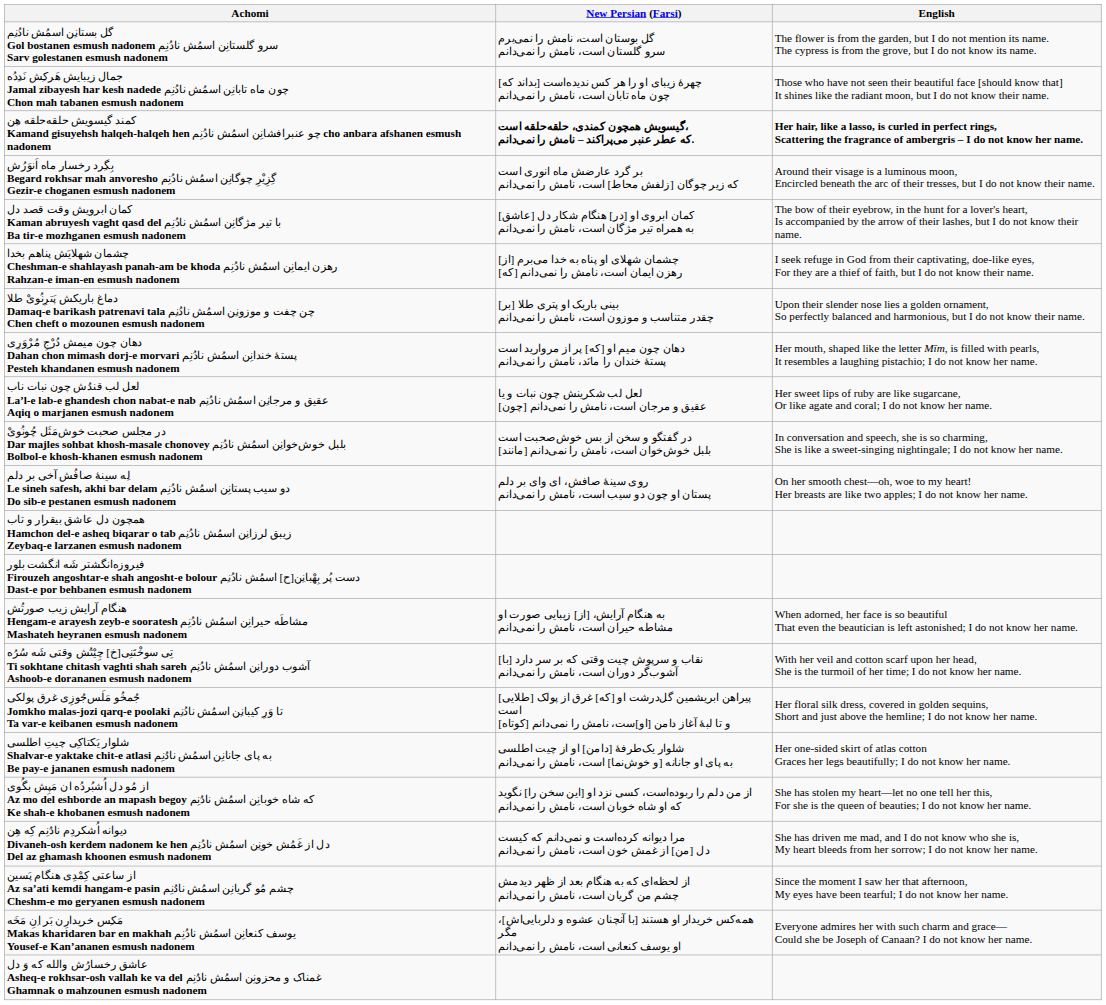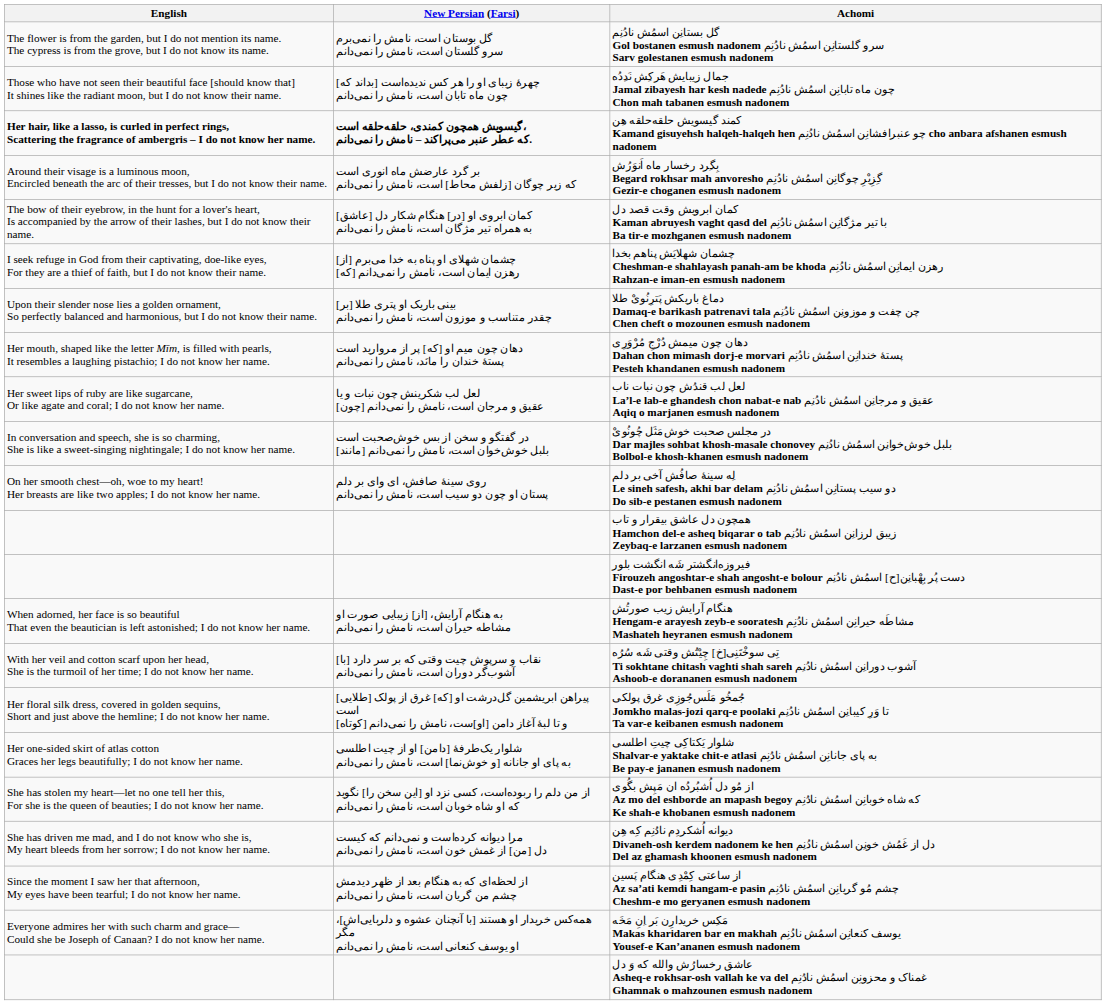 <table class="wikitable">
 <tr>
+<th>English</th>
+<th><a href='#'>New Persian</a> (<a href='#'>Farsi</a>)</th>
 <th>Achomi</th>
-<th><a href='#'>New Persian</a> (<a href='#'>Farsi</a>)</th>
-<th>English</th>
 </tr>
 <tr>
+<td>The flower is from the garden, but I do not mention its name.  <br>The cypress is from the grove, but I do not know its name.</td>
+<td>گل بوستان است، نامش را نمی‌برم<br>سرو گلستان است، نامش را نمی‌دانم</td>
 <td>گل بستانِن اسمُش نادُنِم<br><strong>Gol bostanen esmush nadonem</strong> سرو گلستانِن اسمُش نادُنِم<br><strong>Sarv golestanen esmush nadonem</strong></td>
-<td>گل بوستان است، نامش را نمی‌برم<br>سرو گلستان است، نامش را نمی‌دانم</td>
-<td>The flower is from the garden, but I do not mention its name.  <br>The cypress is from the grove, but I do not know its name.</td>
 </tr>
 <tr>
+<td>Those who have not seen their beautiful face [should know that]  <br>It shines like the radiant moon, but I do not know their name.</td>
+<td>چهرهٔ زیبای او را هر کس ندیده‌است [بداند که]<br>چون ماه تابان است، نامش را نمی‌دانم</td>
 <td>جمال زیبایش هَرکِش نَدِدُه<br><strong>Jamal zibayesh har kesh nadede</strong> چون ماه تابانِن اسمُش نادُنِم<br><strong>Chon mah tabanen esmush nadonem</strong></td>
-<td>چهرهٔ زیبای او را هر کس ندیده‌است [بداند که]<br>چون ماه تابان است، نامش را نمی‌دانم</td>
-<td>Those who have not seen their beautiful face [should know that]  <br>It shines like the radiant moon, but I do not know their name.</td>
 </tr>
 <tr>
+<td><strong>Her hair, like a lasso, is curled in perfect rings,</strong><br><strong>Scattering the fragrance of ambergris – I do not know her name.</strong></td>
+<td><strong>گیسویش همچون کمندی، حلقه‌حلقه است،</strong><br><strong>که عطر عنبر می‌پراکند – نامش را نمی‌دانم.</strong></td>
 <td>کمند گیسویش حلقه‌حلقه هِن<br><strong>Kamand gisuyehsh halqeh-halqeh hen</strong> چو عنبرافشانِن اسمُش نادُنِم <strong>cho anbara afshanen esmush nadonem</strong></td>
-<td><strong>گیسویش همچون کمندی، حلقه‌حلقه است،</strong><br><strong>که عطر عنبر می‌پراکند – نامش را نمی‌دانم.</strong></td>
-<td><strong>Her hair, like a lasso, is curled in perfect rings,</strong><br><strong>Scattering the fragrance of ambergris – I do not know her name.</strong></td>
 </tr>
 <tr>
+<td>Around their visage is a luminous moon,  <br>Encircled beneath the arc of their tresses, but I do not know their name.</td>
+<td>بر گرد عارضش ماه انوری است<br>که زیر چوگان [زلفش محاط] است، نامش را نمی‌دانم</td>
 <td>بِگِرد رخسار ماه اَنوَرُش<br><strong>Begard rokhsar mah anvoresho</strong> گِزِیْرِ چوگانِن اسمُش نادُنِم<br><strong>Gezir-e choganen esmush nadonem</strong></td>
-<td>بر گرد عارضش ماه انوری است<br>که زیر چوگان [زلفش محاط] است، نامش را نمی‌دانم</td>
-<td>Around their visage is a luminous moon,  <br>Encircled beneath the arc of their tresses, but I do not know their name.</td>
 </tr>
 <tr>
+<td>The bow of their eyebrow, in the hunt for a lover's heart,  <br>Is accompanied by the arrow of their lashes, but I do not know their name.</td>
+<td>کمان ابروی او [در] هنگام شکار دل [عاشق]<br>به همراه تیر مژگان است، نامش را نمی‌دانم</td>
 <td>کمان ابرویش وقت قصد دل<br><strong>Kaman abruyesh vaght qasd del</strong> با تیر مژگانِن اسمُش نادُنِم<br><strong>Ba tir-e mozhganen esmush nadonem</strong></td>
-<td>کمان ابروی او [در] هنگام شکار دل [عاشق]<br>به همراه تیر مژگان است، نامش را نمی‌دانم</td>
-<td>The bow of their eyebrow, in the hunt for a lover's heart,  <br>Is accompanied by the arrow of their lashes, but I do not know their name.</td>
 </tr>
 <tr>
+<td>I seek refuge in God from their captivating, doe-like eyes,  <br>For they are a thief of faith, but I do not know their name.  </td>
+<td>[از] چشمان شهلای او پناه به خدا می‌برم<br>[که] رهزن ایمان است، نامش را نمی‌دانم</td>
 <td>چشمان شهلایَش پناهم بخدا<br><strong>Cheshman-e shahlayash panah-am be khoda</strong> رهزن ایمانِن اسمُش نادُنِم<br><strong>Rahzan-e iman-en esmush nadonem</strong></td>
-<td>[از] چشمان شهلای او پناه به خدا می‌برم<br>[که] رهزن ایمان است، نامش را نمی‌دانم</td>
-<td>I seek refuge in God from their captivating, doe-like eyes,  <br>For they are a thief of faith, but I do not know their name.  </td>
 </tr>
 <tr>
+<td>Upon their slender nose lies a golden ornament,  <br>So perfectly balanced and harmonious, but I do not know their name.</td>
+<td>[بر] بینی باریک او پتری طلا<br>چقدر متناسب و موزون است، نامش را نمی‌دانم</td>
 <td>دماغ باریکش پَترِنُویْ طلا<br><strong>Damaq-e barikash patrenavi tala</strong> چن چفت و موزونِن اسمُش نادُنِم<br><strong>Chen cheft o mozounen esmush nadonem</strong></td>
-<td>[بر] بینی باریک او پتری طلا<br>چقدر متناسب و موزون است، نامش را نمی‌دانم</td>
-<td>Upon their slender nose lies a golden ornament,  <br>So perfectly balanced and harmonious, but I do not know their name.</td>
 </tr>
 <tr>
+<td>Her mouth, shaped like the letter <em>Mīm</em>, is filled with pearls,<br>It resembles a laughing pistachio; I do not know her name.</td>
+<td>دهان چون میم او [که] پر از مروارید است<br>پستهٔ خندان را مانَد، نامش را نمی‌دانم</td>
 <td>دهان چون میمش دُرْجِ مُرْوَرِی<br><strong>Dahan chon mimash dorj-e morvari</strong> پستهٔ خندانِن اسمُش نادُنِم<br><strong>Pesteh khandanen esmush nadonem</strong></td>
-<td>دهان چون میم او [که] پر از مروارید است<br>پستهٔ خندان را مانَد، نامش را نمی‌دانم</td>
-<td>Her mouth, shaped like the letter <em>Mīm</em>, is filled with pearls,<br>It resembles a laughing pistachio; I do not know her name.</td>
 </tr>
 <tr>
+<td>Her sweet lips of ruby are like sugarcane,<br>Or like agate and coral; I do not know her name.</td>
+<td>لعل لب شکرینش چون نبات و یا<br>[چون] عقیق و مرجان است، نامش را نمی‌دانم</td>
 <td>لعل لب قندُش چون نبات ناب<br><strong>La’l-e lab-e ghandesh chon nabat-e nab</strong> عقیق و مرجانِن اسمُش نادُنِم<br><strong>Aqiq o marjanen esmush nadonem</strong></td>
-<td>لعل لب شکرینش چون نبات و یا<br>[چون] عقیق و مرجان است، نامش را نمی‌دانم</td>
-<td>Her sweet lips of ruby are like sugarcane,<br>Or like agate and coral; I do not know her name.</td>
 </tr>
 <tr>
+<td>In conversation and speech, she is so charming,<br>She is like a sweet-singing nightingale; I do not know her name.</td>
+<td>در گفتگو و سخن از بس خوش‌صحبت است<br>[مانند] بلبل خوش‌خوان است، نامش را نمی‌دانم</td>
 <td>در مجلس صحبت خوش‌مَثَل چُونُویْ<br><strong>Dar majles sohbat khosh-masale chonovey</strong> بلبل خوش‌خوانِن اسمُش نادُنِم<br><strong>Bolbol-e khosh-khanen esmush nadonem</strong></td>
-<td>در گفتگو و سخن از بس خوش‌صحبت است<br>[مانند] بلبل خوش‌خوان است، نامش را نمی‌دانم</td>
-<td>In conversation and speech, she is so charming,<br>She is like a sweet-singing nightingale; I do not know her name.</td>
 </tr>
 <tr>
+<td>On her smooth chest—oh, woe to my heart!<br>Her breasts are like two apples; I do not know her name.</td>
+<td>روی سینهٔ صافش، ای وای بر دلم<br>پستان او چون دو سیب است، نامش را نمی‌دانم</td>
 <td>لِه سینهٔ صافُش آخی بر دلم<br><strong>Le sineh safesh, akhi bar delam</strong> دو سیب پستانِن اسمُش نادُنِم<br><strong>Do sib-e pestanen esmush nadonem</strong></td>
-<td>روی سینهٔ صافش، ای وای بر دلم<br>پستان او چون دو سیب است، نامش را نمی‌دانم</td>
-<td>On her smooth chest—oh, woe to my heart!<br>Her breasts are like two apples; I do not know her name.</td>
 </tr>
 <tr>
-<td>همچون دل عاشق بیقرار و تاب<br><strong>Hamchon del-e asheq biqarar o tab</strong> زیبق لرزانِن اسمُش نادُنِم<br><strong>Zeybaq-e larzanen esmush nadonem</strong></td>
 <td></td>
 <td></td>
+<td>همچون دل عاشق بیقرار و تاب<br><strong>Hamchon del-e asheq biqarar o tab</strong> زیبق لرزانِن اسمُش نادُنِم<br><strong>Zeybaq-e larzanen esmush nadonem</strong></td>
 </tr>
 <tr>
-<td>فیروزه‌انگشتر شَه انگشت بلور<br><strong>Firouzeh angoshtar-e shah angosht-e bolour</strong> دست پُر بِهْبانِن[ح] اسمُش نادُنِم<br><strong>Dast-e por behbanen esmush nadonem</strong></td>
 <td></td>
 <td></td>
+<td>فیروزه‌انگشتر شَه انگشت بلور<br><strong>Firouzeh angoshtar-e shah angosht-e bolour</strong> دست پُر بِهْبانِن[ح] اسمُش نادُنِم<br><strong>Dast-e por behbanen esmush nadonem</strong></td>
 </tr>
 <tr>
+<td>When adorned, her face is so beautiful<br>That even the beautician is left astonished; I do not know her name.</td>
+<td>به هنگام آرایش، [از] زیبایی صورت او<br>مشاطه حیران است، نامش را نمی‌دانم</td>
 <td>هنگام آرایش زیب صورتُش<br><strong>Hengam-e arayesh zeyb-e sooratesh</strong> مشاطَه حیرانِن اسمُش نادُنِم<br><strong>Mashateh heyranen esmush nadonem</strong></td>
-<td>به هنگام آرایش، [از] زیبایی صورت او<br>مشاطه حیران است، نامش را نمی‌دانم</td>
-<td>When adorned, her face is so beautiful<br>That even the beautician is left astonished; I do not know her name.</td>
 </tr>
 <tr>
+<td>With her veil and cotton scarf upon her head,<br>She is the turmoil of her time; I do not know her name.</td>
+<td>[با] نقاب و سرپوش چیت وقتی که بر سر دارد<br>آشوب‌گر دوران است، نامش را نمی‌دانم</td>
 <td>تِی سوخْتَنِی[خ] چِیْتُش وقتی شَه سُرُه<br><strong>Ti sokhtane chitash vaghti shah sareh</strong> آشوب دورانِن اسمُش نادُنِم<br><strong>Ashoob-e dorananen esmush nadonem</strong></td>
-<td>[با] نقاب و سرپوش چیت وقتی که بر سر دارد<br>آشوب‌گر دوران است، نامش را نمی‌دانم</td>
-<td>With her veil and cotton scarf upon her head,<br>She is the turmoil of her time; I do not know her name.</td>
 </tr>
 <tr>
+<td>Her floral silk dress, covered in golden sequins,<br>Short and just above the hemline; I do not know her name.</td>
+<td>پیراهن ابریشمین گل‌درشت او [که] غرق از پولک [طلایی] است<br>[کوتاه] و تا لبهٔ آغاز دامن [او]ست، نامش را نمی‌دانم</td>
 <td>جُمخُو مَلَس‌جُوزِی غرق پولکی<br><strong>Jomkho malas-jozi qarq-e poolaki</strong> تا وَرِ کیبانِن اسمُش نادُنِم<br><strong>Ta var-e keibanen esmush nadonem</strong></td>
-<td>پیراهن ابریشمین گل‌درشت او [که] غرق از پولک [طلایی] است<br>[کوتاه] و تا لبهٔ آغاز دامن [او]ست، نامش را نمی‌دانم</td>
-<td>Her floral silk dress, covered in golden sequins,<br>Short and just above the hemline; I do not know her name.</td>
 </tr>
 <tr>
+<td>Her one-sided skirt of atlas cotton<br>Graces her legs beautifully; I do not know her name.</td>
+<td>شلوار یک‌طرفهٔ [دامن] او از چیت اطلسی<br>به پای او جانانه [و خوش‌نما] است، نامش را نمی‌دانم</td>
 <td>شلوار یَکتاکِی چیتِ اطلسی<br><strong>Shalvar-e yaktake chit-e atlasi</strong> به پای جانانِن اسمُش نادُنِم<br><strong>Be pay-e jananen esmush nadonem</strong></td>
-<td>شلوار یک‌طرفهٔ [دامن] او از چیت اطلسی<br>به پای او جانانه [و خوش‌نما] است، نامش را نمی‌دانم</td>
-<td>Her one-sided skirt of atlas cotton<br>Graces her legs beautifully; I do not know her name.</td>
 </tr>
 <tr>
+<td>She has stolen my heart—let no one tell her this,<br>For she is the queen of beauties; I do not know her name.</td>
+<td>از من دلم را ربوده‌است، کسی نزد او [این سخن را] نگوید<br>که او شاه خوبان است، نامش را نمی‌دانم</td>
 <td>از مُو دل اُشبُردُه ان مَپِش بگُوی<br><strong>Az mo del eshborde an mapash begoy</strong> که شاه خوبانِن اسمُش نادُنِم<br><strong>Ke shah-e khobanen esmush nadonem</strong></td>
-<td>از من دلم را ربوده‌است، کسی نزد او [این سخن را] نگوید<br>که او شاه خوبان است، نامش را نمی‌دانم</td>
-<td>She has stolen my heart—let no one tell her this,<br>For she is the queen of beauties; I do not know her name.</td>
 </tr>
 <tr>
+<td>She has driven me mad, and I do not know who she is,<br>My heart bleeds from her sorrow; I do not know her name.</td>
+<td>مرا دیوانه کرده‌است و نمی‌دانم که کیست<br>دل [من] از غمش خون است، نامش را نمی‌دانم</td>
 <td>دیوانه اُشکردِم نادُنِم کِه هِن<br><strong>Divaneh-osh kerdem nadonem ke hen</strong> دل از غَمُش خونِن اسمُش نادُنِم<br><strong>Del az ghamash khoonen esmush nadonem</strong></td>
-<td>مرا دیوانه کرده‌است و نمی‌دانم که کیست<br>دل [من] از غمش خون است، نامش را نمی‌دانم</td>
-<td>She has driven me mad, and I do not know who she is,<br>My heart bleeds from her sorrow; I do not know her name.</td>
 </tr>
 <tr>
+<td>Since the moment I saw her that afternoon,<br>My eyes have been tearful; I do not know her name.</td>
+<td>از لحظه‌ای که به هنگام بعد از ظهر دیدمش<br>چشم من گریان است، نامش را نمی‌دانم</td>
 <td>از ساعتی کِمْدِی هنگام پَسین<br><strong>Az sa’ati kemdi hangam-e pasin</strong> چشم مُو گریانِن اسمُش نادُنِم<br><strong>Cheshm-e mo geryanen esmush nadonem</strong></td>
-<td>از لحظه‌ای که به هنگام بعد از ظهر دیدمش<br>چشم من گریان است، نامش را نمی‌دانم</td>
-<td>Since the moment I saw her that afternoon,<br>My eyes have been tearful; I do not know her name.</td>
 </tr>
 <tr>
+<td>Everyone admires her with such charm and grace—<br>Could she be Joseph of Canaan? I do not know her name.</td>
+<td>همه‌کس خریدار او هستند [با آنچنان عشوه و دلربایی‌اش]، مگر<br>او یوسف کنعانی است، نامش را نمی‌دانم</td>
 <td>مَکِس خریدارِن بَر اِنِ مَخَه<br><strong>Makas kharidaren bar en makhah</strong> یوسف کنعانِن اسمُش نادُنِم<br><strong>Yousef-e Kan’ananen esmush nadonem</strong></td>
-<td>همه‌کس خریدار او هستند [با آنچنان عشوه و دلربایی‌اش]، مگر<br>او یوسف کنعانی است، نامش را نمی‌دانم</td>
-<td>Everyone admires her with such charm and grace—<br>Could she be Joseph of Canaan? I do not know her name.</td>
 </tr>
 <tr>
-<td>عاشق رخسارُش والله که وَ دل<br><strong>Asheq-e rokhsar-osh vallah ke va del</strong> غمناک و محزونِن اسمُش نادُنِم<br><strong>Ghamnak o mahzounen esmush nadonem</strong></td>
 <td></td>
 <td></td>
+<td>عاشق رخسارُش والله که وَ دل<br><strong>Asheq-e rokhsar-osh vallah ke va del</strong> غمناک و محزونِن اسمُش نادُنِم<br><strong>Ghamnak o mahzounen esmush nadonem</strong></td>
 </tr>
 </table>
